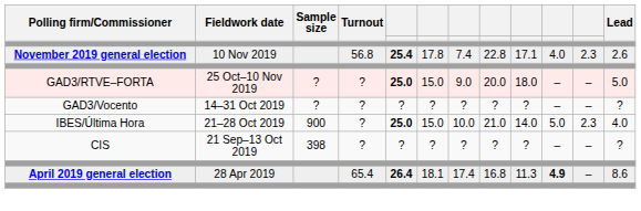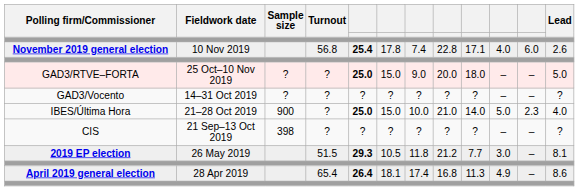 <table class="wikitable collapsible collapsed" style="text-align:center; font-size:95%; line-height:16px;">
 <tr style="height:42px;">
 <th style="width:250px;" rowspan="2">Polling firm/Commissioner</th>
 <th style="width:125px;" rowspan="2">Fieldwork date</th>
 <th style="width:50px;" rowspan="2">Sample size</th>
 <th style="width:45px;" rowspan="2">Turnout</th>
 <th style="width:35px;"></th>
 <th style="width:35px;"></th>
 <th style="width:35px;"></th>
 <th style="width:35px;"></th>
 <th style="width:35px;"></th>
 <th style="width:35px;"></th>
 <th style="width:35px;"></th>
 <th style="width:30px;" rowspan="2">Lead</th>
 </tr>
 <tr>
 <th style="color:inherit;background:"></th>
 <th style="color:inherit;background:"></th>
 <th style="color:inherit;background:"></th>
 <th style="color:inherit;background:"></th>
 <th style="color:inherit;background:"></th>
 <th style="color:inherit;background:"></th>
 <th style="color:inherit;background:"></th>
 </tr>
 <tr>
 <td colspan="12" style="background:#A0A0A0"></td>
 </tr>
 <tr style="background:#EFEFEF;">
 <td><strong><a href='#'>November 2019 general election</a></strong></td>
 <td>10 Nov 2019</td>
 <td></td>
 <td>56.8</td>
 <td><strong>25.4</strong><br></td>
 <td>17.8<br></td>
 <td>7.4<br></td>
 <td>22.8<br></td>
 <td>17.1<br></td>
 <td>4.0<br></td>
-<td>2.3<br></td>
+<td>6.0<br></td>
 <td style="background:">2.6</td>
 </tr>
 <tr>
 <td colspan="12" style="background:#A0A0A0"></td>
 </tr>
 <tr style="background:#FFEAEA;">
 <td>GAD3/RTVE–FORTA</td>
 <td>25 Oct–10 Nov 2019</td>
 <td>?</td>
 <td>?</td>
 <td><strong>25.0</strong><br></td>
 <td>15.0<br></td>
 <td>9.0<br></td>
 <td>20.0<br></td>
 <td>18.0<br></td>
 <td>–</td>
 <td>–</td>
 <td style="background:">5.0</td>
 </tr>
 <tr>
 <td>GAD3/Vocento</td>
 <td>14–31 Oct 2019</td>
 <td>?</td>
 <td>?</td>
 <td>?<br></td>
 <td>?<br></td>
 <td>?<br></td>
 <td>?<br></td>
 <td>?<br></td>
 <td>–</td>
 <td>–</td>
 <td style="background:">?</td>
 </tr>
 <tr>
 <td>IBES/Última Hora</td>
 <td>21–28 Oct 2019</td>
 <td>900</td>
 <td>?</td>
 <td><strong>25.0</strong><br></td>
 <td>15.0<br></td>
 <td>10.0<br></td>
 <td>21.0<br></td>
 <td>14.0<br></td>
 <td>5.0<br></td>
 <td>2.3<br></td>
 <td style="background:">4.0</td>
 </tr>
 <tr>
 <td>CIS</td>
 <td>21 Sep–13 Oct 2019</td>
 <td>398</td>
 <td>?</td>
 <td>?<br></td>
 <td>?<br></td>
 <td>?<br></td>
 <td>?<br></td>
 <td>?<br></td>
 <td>–</td>
 <td>–</td>
 <td style="background:">?</td>
 </tr>
+<tr style="background:#EFEFEF;">
+<td><strong><a href='#'>2019 EP election</a></strong></td>
+<td>26 May 2019</td>
+<td></td>
+<td>51.5</td>
+<td><strong>29.3</strong><br></td>
+<td>10.5<br></td>
+<td>11.8<br></td>
+<td>21.2<br></td>
+<td>7.7<br></td>
+<td>3.0<br></td>
+<td>–</td>
+<td style="background:">8.1</td>
+</tr>
 <tr>
 <td colspan="12" style="background:#A0A0A0"></td>
 </tr>
 <tr style="background:#EFEFEF;">
 <td><strong><a href='#'>April 2019 general election</a></strong></td>
 <td>28 Apr 2019</td>
 <td></td>
 <td>65.4</td>
 <td><strong>26.4</strong><br></td>
 <td>18.1<br></td>
 <td>17.4<br></td>
 <td>16.8<br></td>
 <td>11.3<br></td>
-<td><strong>4.9<br></strong></td>
+<td>4.9<br></td>
 <td>–</td>
 <td style="background:">8.6</td>
 </tr>
 <tr>
 <td colspan="12" style="background:#A0A0A0"></td>
 </tr>
 </table>
